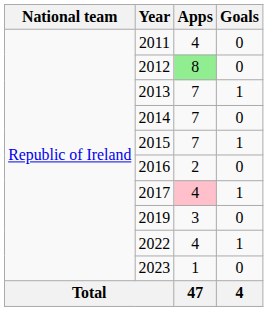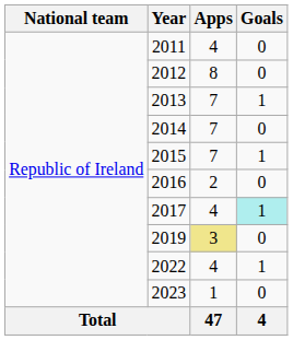 <table class="sortable wikitable" style="text-align:center">
 <tr>
 <th scope="col">National team</th>
 <th scope="col">Year</th>
 <th !scope="col">Apps</th>
 <th !scope="col">Goals</th>
 </tr>
 <tr>
 <td rowspan="10"><a href='#'>Republic of Ireland</a></td>
 <td scope="row">2011</td>
 <td>4</td>
 <td>0</td>
 </tr>
 <tr>
 <td scope="row">2012</td>
-<td style="background: lightgreen;">8</td>
+<td>8</td>
 <td>0</td>
 </tr>
 <tr>
 <td scope="row">2013</td>
 <td>7</td>
 <td>1</td>
 </tr>
 <tr>
 <td scope="row">2014</td>
 <td>7</td>
 <td>0</td>
 </tr>
 <tr>
 <td scope="row">2015</td>
 <td>7</td>
 <td>1</td>
 </tr>
 <tr>
 <td scope="row">2016</td>
 <td>2</td>
 <td>0</td>
 </tr>
 <tr>
 <td scope="row">2017</td>
-<td style="background: pink;">4</td>
-<td>1</td>
+<td>4</td>
+<td style="background: paleturquoise;">1</td>
 </tr>
 <tr>
 <td scope="row">2019</td>
-<td>3</td>
+<td style="background: khaki;">3</td>
 <td>0</td>
 </tr>
 <tr>
 <td scope="row">2022</td>
 <td>4</td>
 <td>1</td>
 </tr>
 <tr>
 <td scope="row">2023</td>
 <td>1</td>
 <td>0</td>
 </tr>
 <tr>
 <th colspan="2">Total</th>
 <th>47</th>
 <th>4</th>
 </tr>
 </table>
